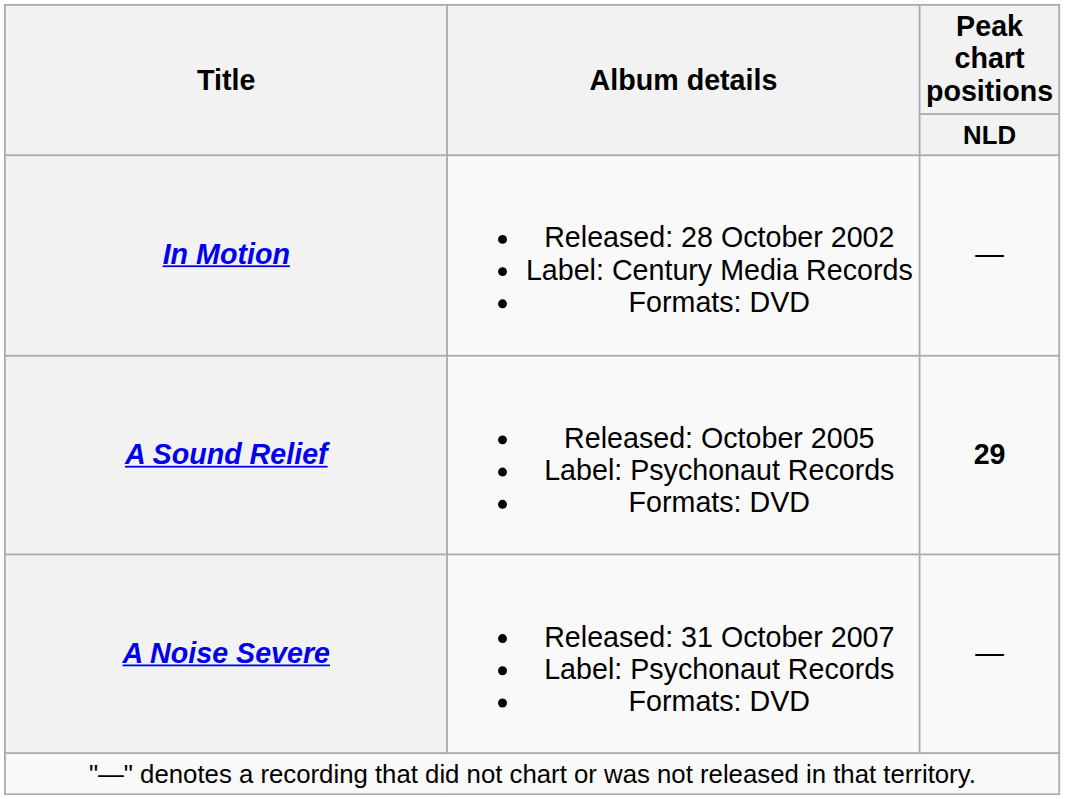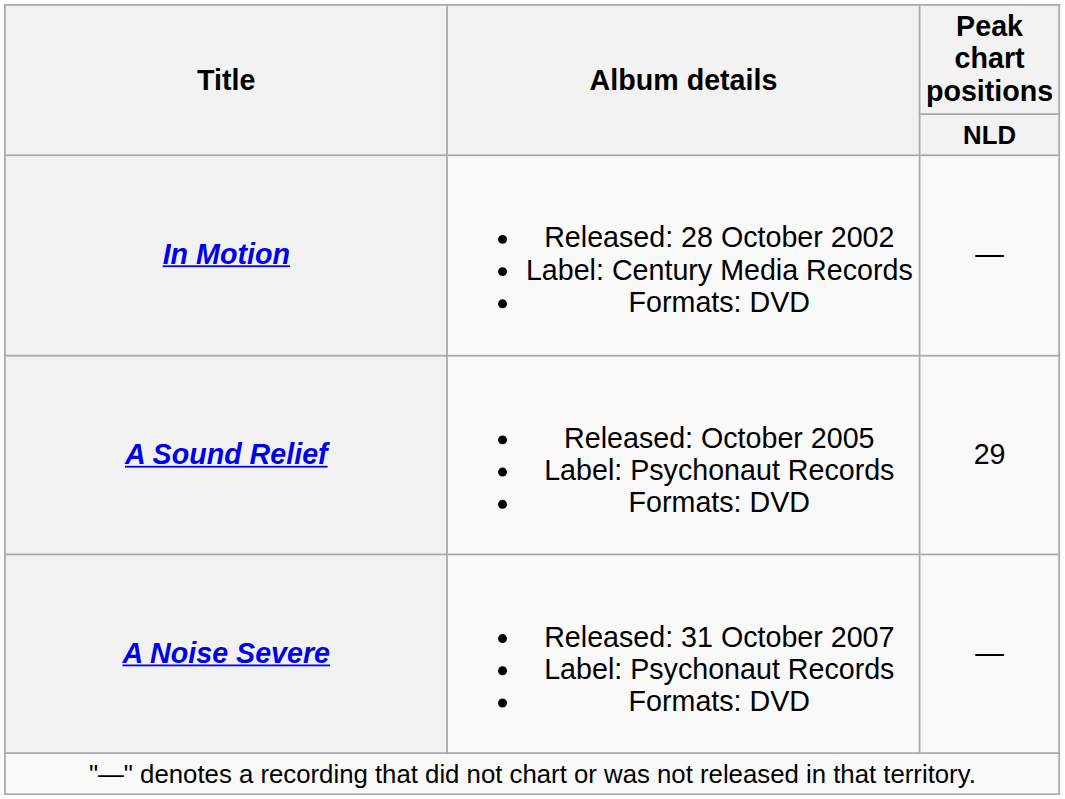 <table class="wikitable plainrowheaders" style="text-align:center;">
 <tr>
 <th scope="col" rowspan="2" style="width:15em;">Title</th>
 <th scope="col" rowspan="2">Album details</th>
 <th scope="col">Peak chart positions</th>
 </tr>
 <tr>
 <th scope="col" style="width:3em;font-size:90%;">NLD<br></th>
 </tr>
 <tr>
 <th scope="row"><em><a href='#'>In Motion</a></em></th>
 <td><br><ul><li>Released: 28 October 2002</li><li>Label: Century Media Records</li><li>Formats: DVD</li></ul></td>
 <td>—</td>
 </tr>
 <tr>
 <th scope="row"><em><a href='#'>A Sound Relief</a></em></th>
 <td><br><ul><li>Released: October 2005</li><li>Label: Psychonaut Records</li><li>Formats: DVD</li></ul></td>
-<td><strong>29</strong></td>
+<td>29</td>
 </tr>
 <tr>
 <th scope="row"><em><a href='#'>A Noise Severe</a></em></th>
 <td><br><ul><li>Released: 31 October 2007</li><li>Label: Psychonaut Records</li><li>Formats: DVD</li></ul></td>
 <td>—</td>
 </tr>
 <tr>
 <td colspan="10" style="font-size:90%">"—" denotes a recording that did not chart or was not released in that territory.</td>
 </tr>
 </table>
